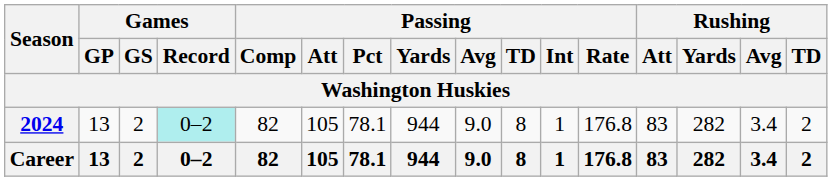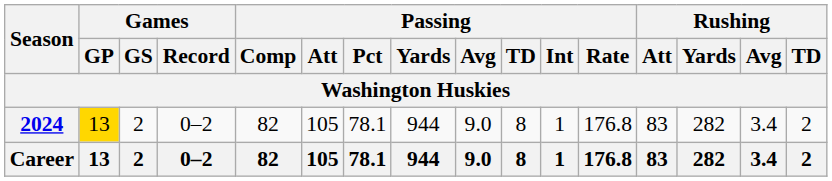 <table class="wikitable" style="text-align:center;">
 <tr>
 <th rowspan="2">Season</th>
 <th colspan="3">Games</th>
 <th colspan="8">Passing</th>
 <th colspan="5">Rushing</th>
 </tr>
 <tr>
 <th>GP</th>
 <th>GS</th>
 <th>Record</th>
 <th>Comp</th>
 <th>Att</th>
 <th>Pct</th>
 <th>Yards</th>
 <th>Avg</th>
 <th>TD</th>
 <th>Int</th>
 <th>Rate</th>
 <th>Att</th>
 <th>Yards</th>
 <th>Avg</th>
 <th>TD</th>
 </tr>
 <tr>
 <th colspan="17">Washington Huskies</th>
 </tr>
 <tr>
 <th><a href='#'>2024</a></th>
-<td>13</td>
+<td style="background: gold;">13</td>
 <td>2</td>
-<td style="background: paleturquoise;">0–2</td>
+<td>0–2</td>
 <td>82</td>
 <td>105</td>
 <td>78.1</td>
 <td>944</td>
 <td>9.0</td>
 <td>8</td>
 <td>1</td>
 <td>176.8</td>
 <td>83</td>
 <td>282</td>
 <td>3.4</td>
 <td>2</td>
 </tr>
 <tr>
 <th>Career</th>
 <th>13</th>
 <th>2</th>
 <th>0–2</th>
 <th>82</th>
 <th>105</th>
 <th>78.1</th>
 <th>944</th>
 <th>9.0</th>
 <th>8</th>
 <th>1</th>
 <th>176.8</th>
 <th>83</th>
 <th>282</th>
 <th>3.4</th>
 <th>2</th>
 </tr>
 </table>
